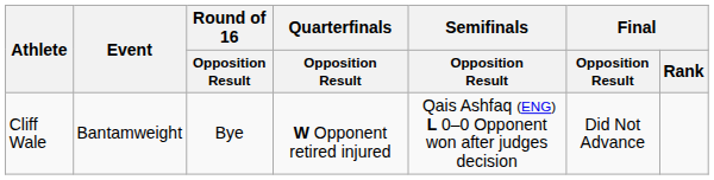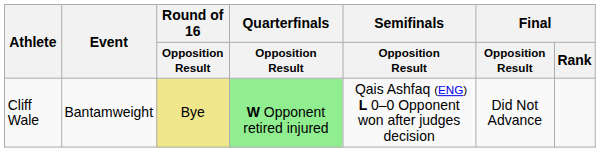 <table class=wikitable style="font-size:90%">
 <tr>
 <th rowspan="2">Athlete</th>
 <th rowspan="2">Event</th>
 <th>Round of 16</th>
 <th>Quarterfinals</th>
 <th>Semifinals</th>
 <th colspan="2">Final</th>
 </tr>
 <tr>
 <th style="line-height:1em"><small>Opposition<br>Result</small></th>
 <th style="line-height:1em"><small>Opposition<br>Result</small></th>
 <th style="line-height:1em"><small>Opposition<br>Result</small></th>
 <th style="line-height:1em"><small>Opposition<br>Result</small></th>
 <th>Rank</th>
 </tr>
 <tr>
 <td>Cliff Wale</td>
 <td>Bantamweight</td>
-<td align=center>Bye</td>
-<td align="center"><br><strong>W</strong> Opponent retired injured</td>
+<td align=center style="background: khaki;">Bye</td>
+<td align="center" style="background: lightgreen;"><br><strong>W</strong> Opponent retired injured</td>
 <td align="center"> Qais Ashfaq <small>(<a href='#'>ENG</a>)</small><br><strong>L</strong> 0–0 Opponent won after judges decision</td>
 <td align=center>Did Not Advance</td>
 <td align=center></td>
 </tr>
 </table>
